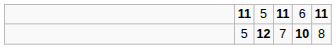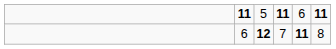 <table class="wikitable">
 <tr>
 <td style="width:18em"><strong></strong></td>
 <td align=center style="width:1em"><strong>11</strong></td>
 <td align=center style="width:1em">5</td>
 <td align=center style="width:1em"><strong>11</strong></td>
 <td align=center style="width:1em">6</td>
 <td align=center style="width:1em"><strong>11</strong></td>
 </tr>
 <tr>
 <td style="width:18em"></td>
-<td align=center style="width:1em">5</td>
+<td align=center style="width:1em">6</td>
 <td align=center style="width:1em"><strong>12</strong></td>
 <td align=center style="width:1em">7</td>
-<td align=center style="width:1em"><strong>10</strong></td>
+<td align=center style="width:1em"><strong>11</strong></td>
 <td align=center style="width:1em">8</td>
 </tr>
 </table>
